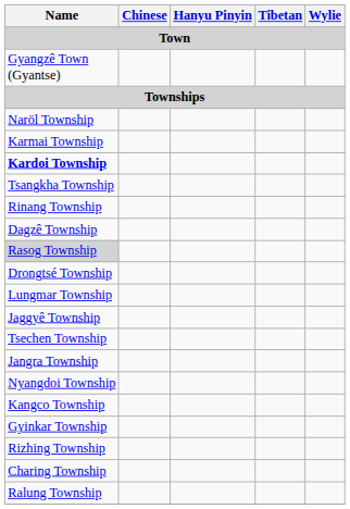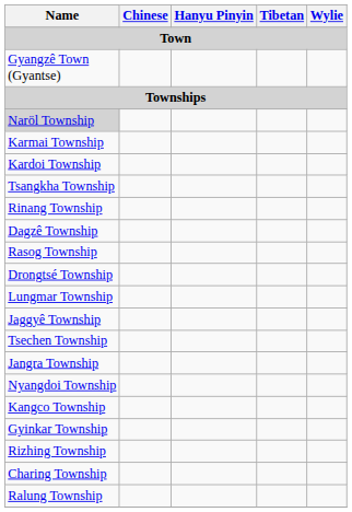 <table class="wikitable"  style="font-size:90%;" align=center>
 <tr>
 <th>Name</th>
 <th><a href='#'>Chinese</a></th>
 <th><a href='#'>Hanyu Pinyin</a></th>
 <th><a href='#'>Tibetan</a></th>
 <th><a href='#'>Wylie</a></th>
 </tr>
 <tr --------->
 <td colspan="7"  style="text-align:center; background:#d3d3d3;"><strong>Town</strong></td>
 </tr>
 <tr --------->
 <td><a href='#'>Gyangzê Town</a><br>(Gyantse)</td>
 <td></td>
 <td></td>
 <td></td>
 <td></td>
 </tr>
 <tr --------->
 <td colspan="7"  style="text-align:center; background:#d3d3d3;"><strong>Townships</strong></td>
 </tr>
 <tr --------->
-<td><a href='#'>Naröl Township</a></td>
+<td style="background: lightgrey;"><a href='#'>Naröl Township</a></td>
 <td></td>
 <td></td>
 <td></td>
 <td></td>
 </tr>
 <tr>
 <td><a href='#'>Karmai Township</a></td>
 <td></td>
 <td></td>
 <td></td>
 <td></td>
 </tr>
 <tr>
-<td><strong><a href='#'>Kardoi Township</a></strong></td>
+<td><a href='#'>Kardoi Township</a></td>
 <td></td>
 <td></td>
 <td></td>
 <td></td>
 </tr>
 <tr>
 <td><a href='#'>Tsangkha Township</a></td>
 <td></td>
 <td></td>
 <td></td>
 <td></td>
 </tr>
 <tr>
 <td><a href='#'>Rinang Township</a></td>
 <td></td>
 <td></td>
 <td></td>
 <td></td>
 </tr>
 <tr>
 <td><a href='#'>Dagzê Township</a></td>
 <td></td>
 <td></td>
 <td></td>
 <td></td>
 </tr>
 <tr>
-<td style="background: lightgrey;"><a href='#'>Rasog Township</a></td>
+<td><a href='#'>Rasog Township</a></td>
 <td></td>
 <td></td>
 <td></td>
 <td></td>
 </tr>
 <tr>
 <td><a href='#'>Drongtsé Township</a></td>
 <td></td>
 <td></td>
 <td></td>
 <td></td>
 </tr>
 <tr>
 <td><a href='#'>Lungmar Township</a></td>
 <td></td>
 <td></td>
 <td></td>
 <td></td>
 </tr>
 <tr>
 <td><a href='#'>Jaggyê Township</a></td>
 <td></td>
 <td></td>
 <td></td>
 <td></td>
 </tr>
 <tr>
 <td><a href='#'>Tsechen Township</a></td>
 <td></td>
 <td></td>
 <td></td>
 <td></td>
 </tr>
 <tr>
 <td><a href='#'>Jangra Township</a></td>
 <td></td>
 <td></td>
 <td></td>
 <td></td>
 </tr>
 <tr>
 <td><a href='#'>Nyangdoi Township</a></td>
 <td></td>
 <td></td>
 <td></td>
 <td></td>
 </tr>
 <tr>
 <td><a href='#'>Kangco Township</a></td>
 <td></td>
 <td></td>
 <td></td>
 <td></td>
 </tr>
 <tr>
 <td><a href='#'>Gyinkar Township</a></td>
 <td></td>
 <td></td>
 <td></td>
 <td></td>
 </tr>
 <tr>
 <td><a href='#'>Rizhing Township</a></td>
 <td></td>
 <td></td>
 <td></td>
 <td></td>
 </tr>
 <tr>
 <td><a href='#'>Charing Township</a></td>
 <td></td>
 <td></td>
 <td></td>
 <td></td>
 </tr>
 <tr>
 <td><a href='#'>Ralung Township</a></td>
 <td></td>
 <td></td>
 <td></td>
 <td></td>
 </tr>
 <tr>
 </tr>
 </table>
